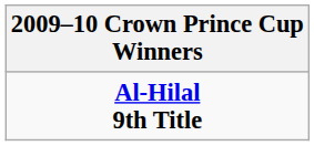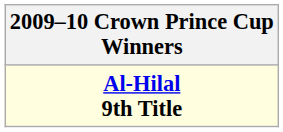 <table class="wikitable" style="text-align: center; margin: 0 auto;">
 <tr>
 <th>2009–10 Crown Prince Cup <br>Winners</th>
 </tr>
 <tr>
-<td><strong><a href='#'>Al-Hilal</a></strong><br><strong>9th Title</strong></td>
+<td style="background: lightyellow;"><strong><a href='#'>Al-Hilal</a></strong><br><strong>9th Title</strong></td>
 </tr>
 </table>
